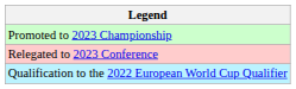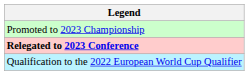 <table class="wikitable">
 <tr>
 <th>Legend</th>
 </tr>
 <tr bgcolor="ccffcc">
 <td>Promoted to <a href='#'>2023 Championship</a></td>
 </tr>
 <tr bgcolor="ffcccc">
-<td>Relegated to <a href='#'>2023 Conference</a></td>
+<td><strong>Relegated to <a href='#'>2023 Conference</a></strong></td>
 </tr>
 <tr bgcolor="BBF3FF">
 <td>Qualification to the <a href='#'>2022 European World Cup Qualifier</a></td>
 </tr>
 </table>
